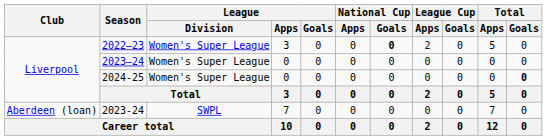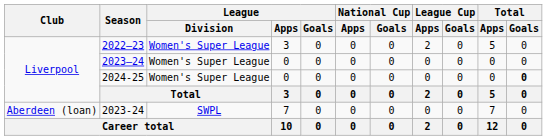 <table class="wikitable" style="text-align:center">
 <tr>
 <th rowspan="2">Club</th>
 <th rowspan="2">Season</th>
 <th colspan="3">League</th>
 <th colspan="2">National Cup</th>
 <th colspan="2">League Cup</th>
 <th colspan="2">Total</th>
 </tr>
 <tr>
 <th>Division</th>
 <th>Apps</th>
 <th>Goals</th>
 <th>Apps</th>
 <th>Goals</th>
 <th>Apps</th>
 <th>Goals</th>
 <th>Apps</th>
 <th>Goals</th>
 </tr>
 <tr>
 <td rowspan="4"><a href='#'>Liverpool</a></td>
 <td><a href='#'>2022–23</a></td>
 <td><a href='#'>Women's Super League</a></td>
 <td>3</td>
 <td>0</td>
 <td>0</td>
-<td><strong>0</strong></td>
+<td>0</td>
 <td>2</td>
 <td>0</td>
 <td>5</td>
 <td>0</td>
 </tr>
 <tr>
 <td><a href='#'>2023–24</a></td>
 <td>Women's Super League</td>
 <td>0</td>
 <td>0</td>
 <td>0</td>
 <td>0</td>
 <td>0</td>
 <td>0</td>
 <td>0</td>
 <td>0</td>
 </tr>
 <tr>
 <td>2024-25</td>
 <td>Women's Super League</td>
 <td>0</td>
 <td>0</td>
 <td>0</td>
 <td>0</td>
 <td>0</td>
 <td>0</td>
 <td>0</td>
 <td><strong>0</strong></td>
 </tr>
 <tr>
 <th colspan="2">Total</th>
 <th>3</th>
 <th>0</th>
 <th>0</th>
 <th>0</th>
 <th>2</th>
 <th>0</th>
 <th>5</th>
 <th>0</th>
 </tr>
 <tr>
 <td><a href='#'>Aberdeen</a> (loan)</td>
 <td>2023-24</td>
 <td><a href='#'>SWPL</a></td>
 <td>7</td>
 <td>0</td>
 <td>0</td>
 <td>0</td>
 <td>0</td>
 <td>0</td>
 <td>7</td>
 <td>0</td>
 </tr>
 <tr>
 <th colspan="3">Career total</th>
 <th>10</th>
 <th>0</th>
 <th>0</th>
 <th>0</th>
 <th>2</th>
 <th>0</th>
 <th>12</th>
 <th>0</th>
 </tr>
 </table>
